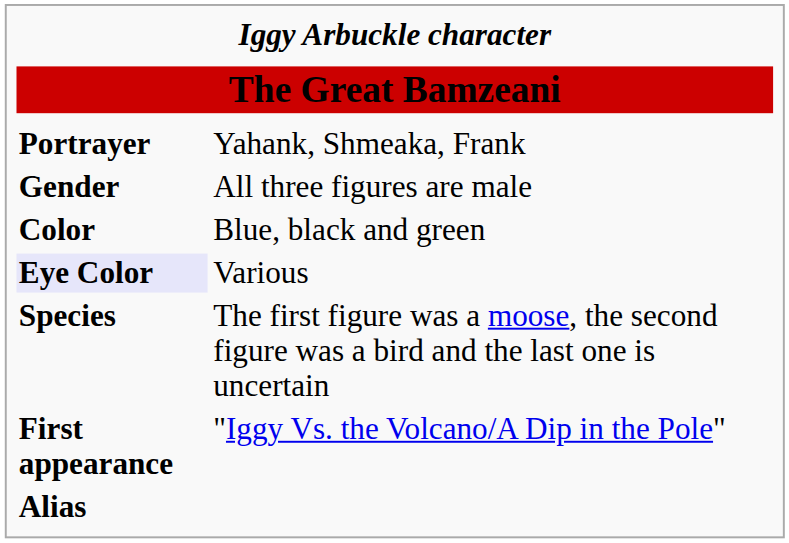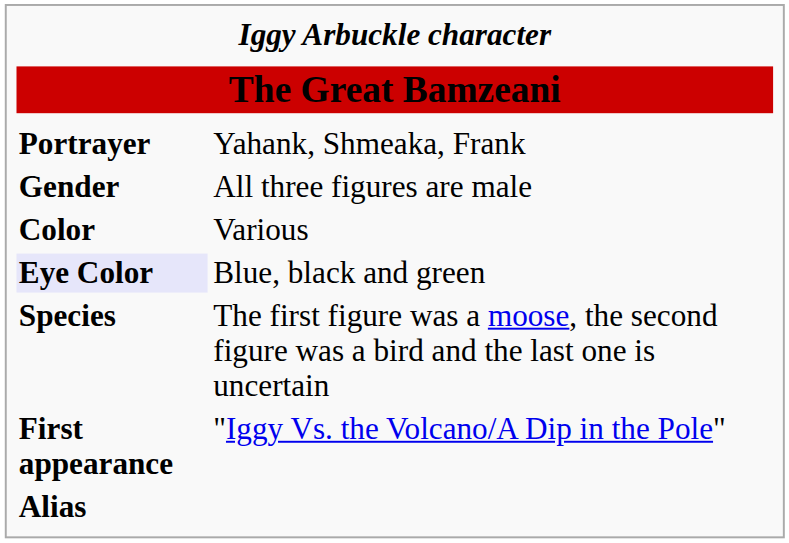 <table class="infobox" style="width: 25em;">
 <tr>
 <td colspan="2" style="text-align:center;"><strong><em>Iggy Arbuckle character</em></strong></td>
 </tr>
 <tr>
 <td colspan="2" style="text-align:center;"></td>
 </tr>
 <tr>
 <th colspan="2" style="font-size: larger; background-color:#c00; color:#000;"><strong>The Great Bamzeani</strong></th>
 </tr>
 <tr>
 <td colspan="2"></td>
 </tr>
 <tr>
 <td><strong>Portrayer</strong></td>
 <td>Yahank, Shmeaka, Frank</td>
 </tr>
 <tr>
 <td><strong>Gender</strong></td>
 <td>All three figures are male</td>
 </tr>
 <tr>
 <td><strong>Color</strong></td>
-<td>Blue, black and green</td>
+<td>Various</td>
 </tr>
 <tr>
 <td style="background: lavender;"><strong>Eye Color</strong></td>
-<td>Various</td>
+<td>Blue, black and green</td>
 </tr>
 <tr>
 <td><strong>Species</strong></td>
 <td>The first figure was a <a href='#'>moose</a>, the second figure was a bird and the last one is uncertain</td>
 </tr>
 <tr>
 <td><strong>First appearance</strong></td>
 <td>"<a href='#'>Iggy Vs. the Volcano/A Dip in the Pole</a>"</td>
 </tr>
 <tr>
 <td><strong>Alias</strong></td>
 <td></td>
 </tr>
 </table>
